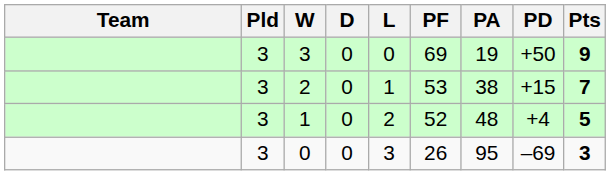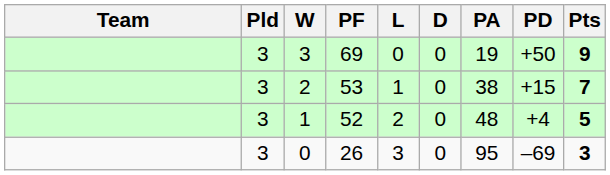 <table class="wikitable" style="text-align:center;">
 <tr>
 <th width=175>Team</th>
 <th width=25 abbr="Played">Pld</th>
 <th width=25 abbr="Won">W</th>
+<th width=32 abbr="Points for">PF</th>
+<th width=25 abbr="Lost">L</th>
 <th width=25 abbr="Drawn">D</th>
-<th width=25 abbr="Lost">L</th>
-<th width=32 abbr="Points for">PF</th>
 <th width=32 abbr="Points against">PA</th>
 <th width=32 abbr="Points difference">PD</th>
 <th width=25 abbr="Points">Pts</th>
 </tr>
 <tr bgcolor=ccffcc>
 <td align=left></td>
 <td>3</td>
 <td>3</td>
+<td>69</td>
 <td>0</td>
 <td>0</td>
-<td>69</td>
 <td>19</td>
 <td>+50</td>
 <td><strong>9</strong></td>
 </tr>
 <tr bgcolor=ccffcc>
 <td align=left></td>
 <td>3</td>
 <td>2</td>
+<td>53</td>
+<td>1</td>
 <td>0</td>
-<td>1</td>
-<td>53</td>
 <td>38</td>
 <td>+15</td>
 <td><strong>7</strong></td>
 </tr>
 <tr bgcolor=ccffcc>
 <td align=left></td>
 <td>3</td>
 <td>1</td>
+<td>52</td>
+<td>2</td>
 <td>0</td>
-<td>2</td>
-<td>52</td>
 <td>48</td>
 <td>+4</td>
 <td><strong>5</strong></td>
 </tr>
 <tr>
 <td align=left></td>
 <td>3</td>
 <td>0</td>
+<td>26</td>
+<td>3</td>
 <td>0</td>
-<td>3</td>
-<td>26</td>
 <td>95</td>
 <td>–69</td>
 <td><strong>3</strong></td>
 </tr>
 </table>
